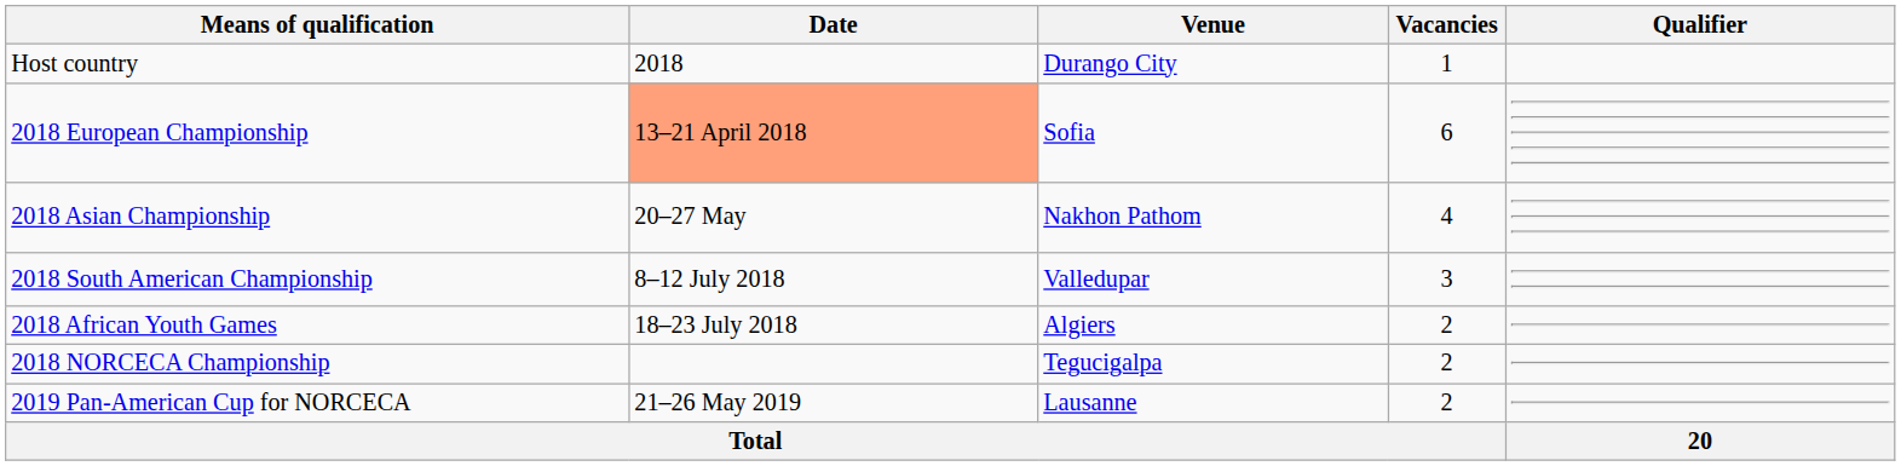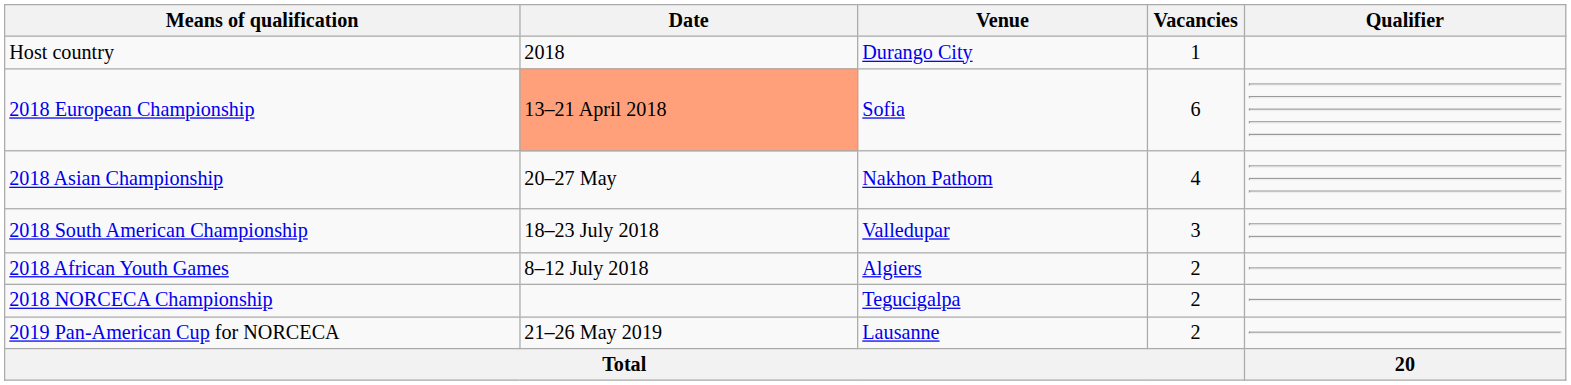 <table class="wikitable">
 <tr>
 <th width=32%>Means of qualification</th>
 <th width=21%>Date</th>
 <th width=18%>Venue</th>
 <th width=6%>Vacancies</th>
 <th width=20%>Qualifier</th>
 </tr>
 <tr>
 <td>Host country</td>
 <td>2018</td>
 <td> <a href='#'>Durango City</a></td>
 <td align=center>1</td>
 <td></td>
 </tr>
 <tr>
 <td><a href='#'>2018 European Championship</a></td>
 <td style="background: lightsalmon;">13–21 April 2018</td>
 <td> <a href='#'>Sofia</a></td>
 <td align=center>6</td>
 <td><hr><hr><hr><hr><hr></td>
 </tr>
 <tr>
 <td><a href='#'>2018 Asian Championship</a></td>
 <td>20–27 May</td>
 <td> <a href='#'>Nakhon Pathom</a></td>
 <td align=center>4</td>
 <td><hr><hr><hr></td>
 </tr>
 <tr>
 <td><a href='#'>2018 South American Championship</a></td>
-<td>8–12 July 2018</td>
+<td>18–23 July 2018</td>
 <td> <a href='#'>Valledupar</a></td>
 <td align=center>3</td>
 <td><hr><hr></td>
 </tr>
 <tr>
 <td><a href='#'>2018 African Youth Games</a></td>
-<td>18–23 July 2018</td>
+<td>8–12 July 2018</td>
 <td> <a href='#'>Algiers</a></td>
 <td align=center>2</td>
 <td><hr></td>
 </tr>
 <tr>
 <td><a href='#'>2018 NORCECA Championship</a></td>
 <td></td>
 <td> <a href='#'>Tegucigalpa</a></td>
 <td align=center>2</td>
 <td><hr></td>
 </tr>
 <tr>
 <td><a href='#'>2019 Pan-American Cup</a> for NORCECA</td>
 <td>21–26 May 2019</td>
 <td> <a href='#'>Lausanne</a></td>
 <td align=center>2</td>
 <td><hr></td>
 </tr>
 <tr>
 <th colspan=4>Total</th>
 <th align=center>20</th>
 </tr>
 </table>
